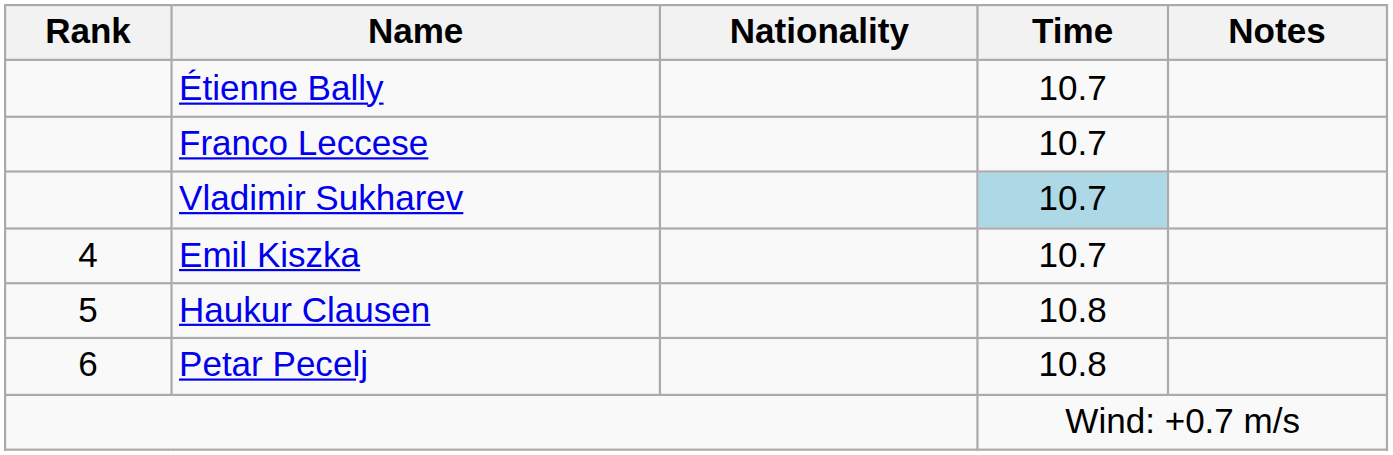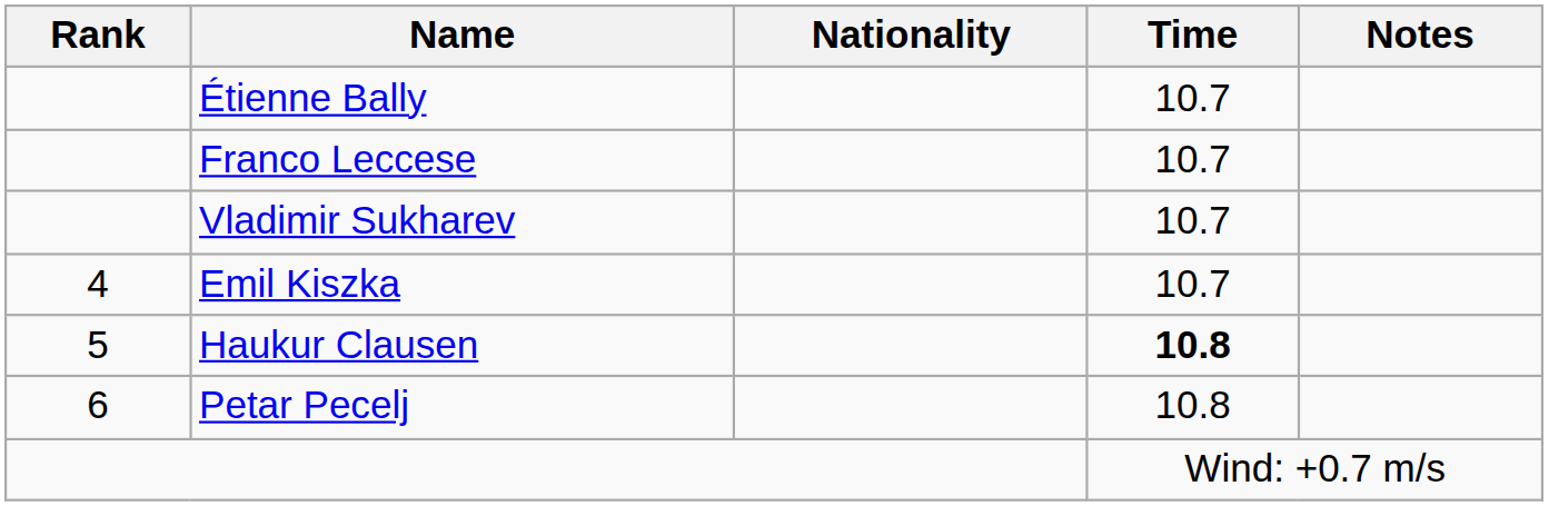 <table class="wikitable sortable" style="text-align:center;width: 50%">
 <tr>
 <th>Rank</th>
 <th>Name</th>
 <th>Nationality</th>
 <th>Time</th>
 <th>Notes</th>
 </tr>
 <tr>
 <td></td>
 <td align=left><a href='#'>Étienne Bally</a></td>
 <td align=left></td>
 <td>10.7</td>
 <td></td>
 </tr>
 <tr>
 <td></td>
 <td align=left><a href='#'>Franco Leccese</a></td>
 <td align=left></td>
 <td>10.7</td>
 <td></td>
 </tr>
 <tr>
 <td></td>
 <td align=left><a href='#'>Vladimir Sukharev</a></td>
 <td align=left></td>
-<td style="background: lightblue;">10.7</td>
+<td>10.7</td>
 <td></td>
 </tr>
 <tr>
 <td>4</td>
 <td align=left><a href='#'>Emil Kiszka</a></td>
 <td align=left></td>
 <td>10.7</td>
 <td></td>
 </tr>
 <tr>
 <td>5</td>
 <td align=left><a href='#'>Haukur Clausen</a></td>
 <td align=left></td>
-<td>10.8</td>
+<td><strong>10.8</strong></td>
 <td></td>
 </tr>
 <tr>
 <td>6</td>
 <td align=left><a href='#'>Petar Pecelj</a></td>
 <td align=left></td>
 <td>10.8</td>
 <td></td>
 </tr>
 <tr>
 <td colspan="3"></td>
 <td colspan="2">Wind: +0.7 m/s</td>
 </tr>
 </table>
